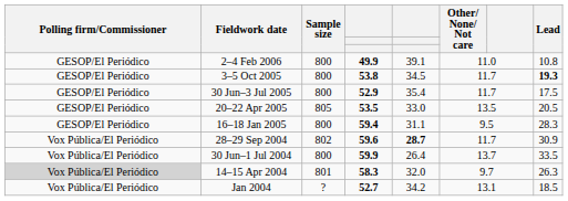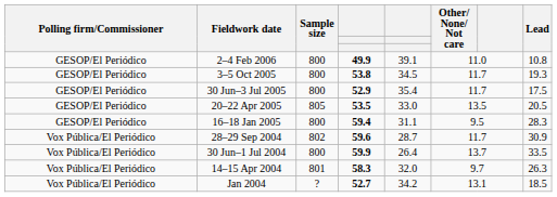 <table class="wikitable collapsible collapsed" style="text-align:center; font-size:90%; line-height:14px;">
 <tr style="height:42px;">
 <th style="width:250px;" rowspan="3">Polling firm/Commissioner</th>
 <th style="width:125px;" rowspan="3">Fieldwork date</th>
 <th style="width:50px;" rowspan="3">Sample size</th>
 <th style="width:55px;"></th>
 <th style="width:55px;"></th>
 <th style="width:55px;" rowspan="3">Other/<br>None/<br>Not<br>care</th>
 <th style="width:55px;" rowspan="3"></th>
 <th style="width:30px;" rowspan="3">Lead</th>
 </tr>
 <tr>
 <th style="color:inherit;background:"></th>
 <th style="color:inherit;background:"></th>
 </tr>
 <tr>
 <th></th>
 <th></th>
 </tr>
 <tr>
 <td>GESOP/El Periódico</td>
 <td>2–4 Feb 2006</td>
 <td>800</td>
 <td><strong>49.9</strong></td>
 <td>39.1</td>
 <td colspan="2">11.0</td>
 <td style="background:">10.8</td>
 </tr>
 <tr>
 <td>GESOP/El Periódico</td>
 <td>3–5 Oct 2005</td>
 <td>800</td>
 <td><strong>53.8</strong></td>
 <td>34.5</td>
 <td colspan="2">11.7</td>
-<td style="background:"><strong>19.3</strong></td>
+<td style="background:">19.3</td>
 </tr>
 <tr>
 <td>GESOP/El Periódico</td>
 <td>30 Jun–3 Jul 2005</td>
 <td>800</td>
 <td><strong>52.9</strong></td>
 <td>35.4</td>
 <td colspan="2">11.7</td>
 <td style="background:">17.5</td>
 </tr>
 <tr>
 <td>GESOP/El Periódico</td>
 <td>20–22 Apr 2005</td>
 <td>805</td>
 <td><strong>53.5</strong></td>
 <td>33.0</td>
 <td colspan="2">13.5</td>
 <td style="background:">20.5</td>
 </tr>
 <tr>
 <td>GESOP/El Periódico</td>
 <td>16–18 Jan 2005</td>
 <td>800</td>
 <td><strong>59.4</strong></td>
 <td>31.1</td>
 <td colspan="2">9.5</td>
 <td style="background:">28.3</td>
 </tr>
 <tr>
 <td>Vox Pública/El Periódico</td>
 <td>28–29 Sep 2004</td>
 <td>802</td>
 <td><strong>59.6</strong></td>
-<td><strong>28.7</strong></td>
+<td>28.7</td>
 <td colspan="2">11.7</td>
 <td style="background:">30.9</td>
 </tr>
 <tr>
 <td>Vox Pública/El Periódico</td>
 <td>30 Jun–1 Jul 2004</td>
 <td>800</td>
 <td><strong>59.9</strong></td>
 <td>26.4</td>
 <td colspan="2">13.7</td>
 <td style="background:">33.5</td>
 </tr>
 <tr>
-<td style="background: lightgrey;">Vox Pública/El Periódico</td>
+<td>Vox Pública/El Periódico</td>
 <td>14–15 Apr 2004</td>
 <td>801</td>
 <td><strong>58.3</strong></td>
 <td>32.0</td>
 <td colspan="2">9.7</td>
 <td style="background:">26.3</td>
 </tr>
 <tr>
 <td>Vox Pública/El Periódico</td>
 <td>Jan 2004</td>
 <td>?</td>
 <td><strong>52.7</strong></td>
 <td>34.2</td>
 <td colspan="2">13.1</td>
 <td style="background:">18.5</td>
 </tr>
 </table>
